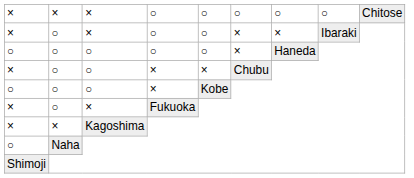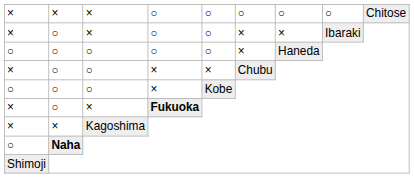 <table class="wikitable"  style="background-color:#fff">
 <tr>
 <td>×</td>
 <td>×</td>
 <td>×</td>
 <td>○</td>
 <td>○</td>
 <td>○</td>
 <td>○</td>
 <td>○</td>
 <td style="background-color:#eee">Chitose</td>
 </tr>
 <tr>
 <td>×</td>
 <td>○</td>
 <td>×</td>
 <td>○</td>
 <td>○</td>
 <td>×</td>
 <td>×</td>
 <td style="background-color:#eee">Ibaraki</td>
 </tr>
 <tr>
 <td>○</td>
 <td>○</td>
 <td>○</td>
 <td>○</td>
 <td>○</td>
 <td>×</td>
 <td style="background-color:#eee">Haneda</td>
 </tr>
 <tr>
 <td>×</td>
 <td>○</td>
 <td>○</td>
 <td>×</td>
 <td>×</td>
 <td style="background-color:#eee">Chubu</td>
 </tr>
 <tr>
 <td>○</td>
 <td>○</td>
 <td>○</td>
 <td>×</td>
 <td style="background-color:#eee">Kobe</td>
 </tr>
 <tr>
 <td>×</td>
 <td>○</td>
 <td>×</td>
-<td style="background-color:#eee">Fukuoka</td>
+<td style="background-color:#eee"><strong>Fukuoka</strong></td>
 </tr>
 <tr>
 <td>×</td>
 <td>×</td>
 <td style="background-color:#eee">Kagoshima</td>
 </tr>
 <tr>
 <td>○</td>
-<td style="background-color:#eee">Naha</td>
+<td style="background-color:#eee"><strong>Naha</strong></td>
 </tr>
 <tr>
 <td style="background-color:#eee">Shimoji</td>
 </tr>
 </table>
